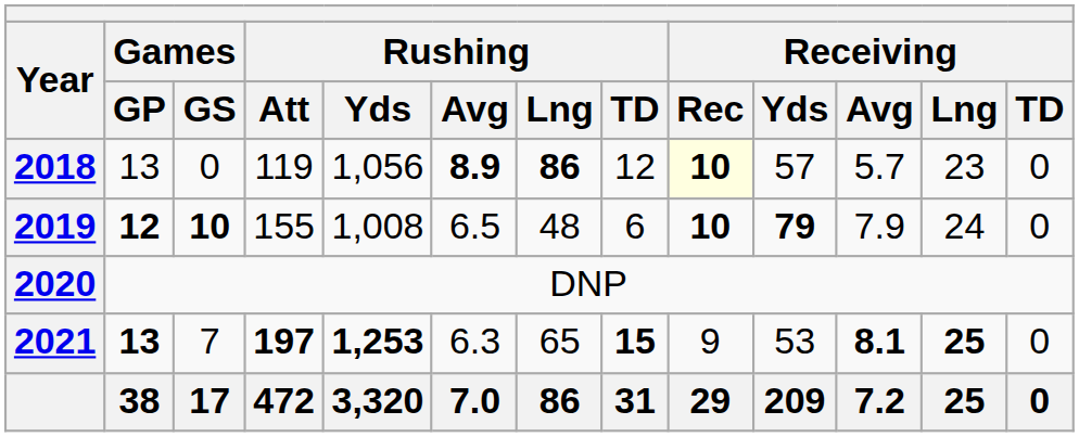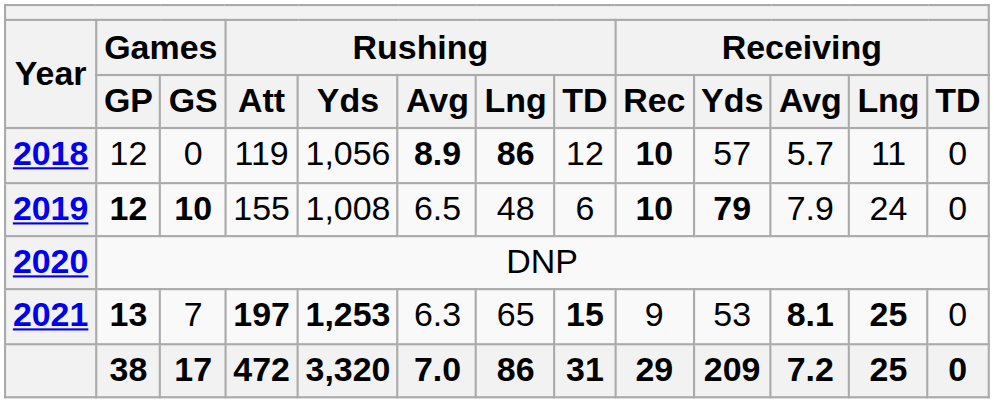 <table class="wikitable" style="text-align:center;">
 <tr>
 <th colspan="13"><a href='#'></a></th>
 </tr>
 <tr>
 <th rowspan="2">Year</th>
 <th colspan="2">Games</th>
 <th colspan="5">Rushing</th>
 <th colspan="5">Receiving</th>
 </tr>
 <tr>
 <th>GP</th>
 <th>GS</th>
 <th>Att</th>
 <th>Yds</th>
 <th>Avg</th>
 <th>Lng</th>
 <th>TD</th>
 <th>Rec</th>
 <th>Yds</th>
 <th>Avg</th>
 <th>Lng</th>
 <th>TD</th>
 </tr>
 <tr>
 <th><a href='#'>2018</a></th>
-<td>13</td>
+<td>12</td>
 <td>0</td>
 <td>119</td>
 <td>1,056</td>
 <td><strong>8.9</strong></td>
 <td><strong>86</strong></td>
 <td>12</td>
-<td style="background: lightyellow;"><strong>10</strong></td>
+<td><strong>10</strong></td>
 <td>57</td>
 <td>5.7</td>
-<td>23</td>
+<td>11</td>
 <td>0</td>
 </tr>
 <tr>
 <th><a href='#'>2019</a></th>
 <td><strong>12</strong></td>
 <td><strong>10</strong></td>
 <td>155</td>
 <td>1,008</td>
 <td>6.5</td>
 <td>48</td>
 <td>6</td>
 <td><strong>10</strong></td>
 <td><strong>79</strong></td>
 <td>7.9</td>
 <td>24</td>
 <td>0</td>
 </tr>
 <tr>
 <th><a href='#'>2020</a></th>
 <td colspan="12">DNP</td>
 </tr>
 <tr>
 <th><a href='#'>2021</a></th>
 <td><strong>13</strong></td>
 <td>7</td>
 <td><strong>197</strong></td>
 <td><strong>1,253</strong></td>
 <td>6.3</td>
 <td>65</td>
 <td><strong>15</strong></td>
 <td>9</td>
 <td>53</td>
 <td><strong>8.1</strong></td>
 <td><strong>25</strong></td>
 <td>0</td>
 </tr>
 <tr>
 <th colspan="1"></th>
 <th>38</th>
 <th>17</th>
 <th>472</th>
 <th>3,320</th>
 <th>7.0</th>
 <th>86</th>
 <th>31</th>
 <th>29</th>
 <th>209</th>
 <th>7.2</th>
 <th>25</th>
 <th>0</th>
 </tr>
 </table>
